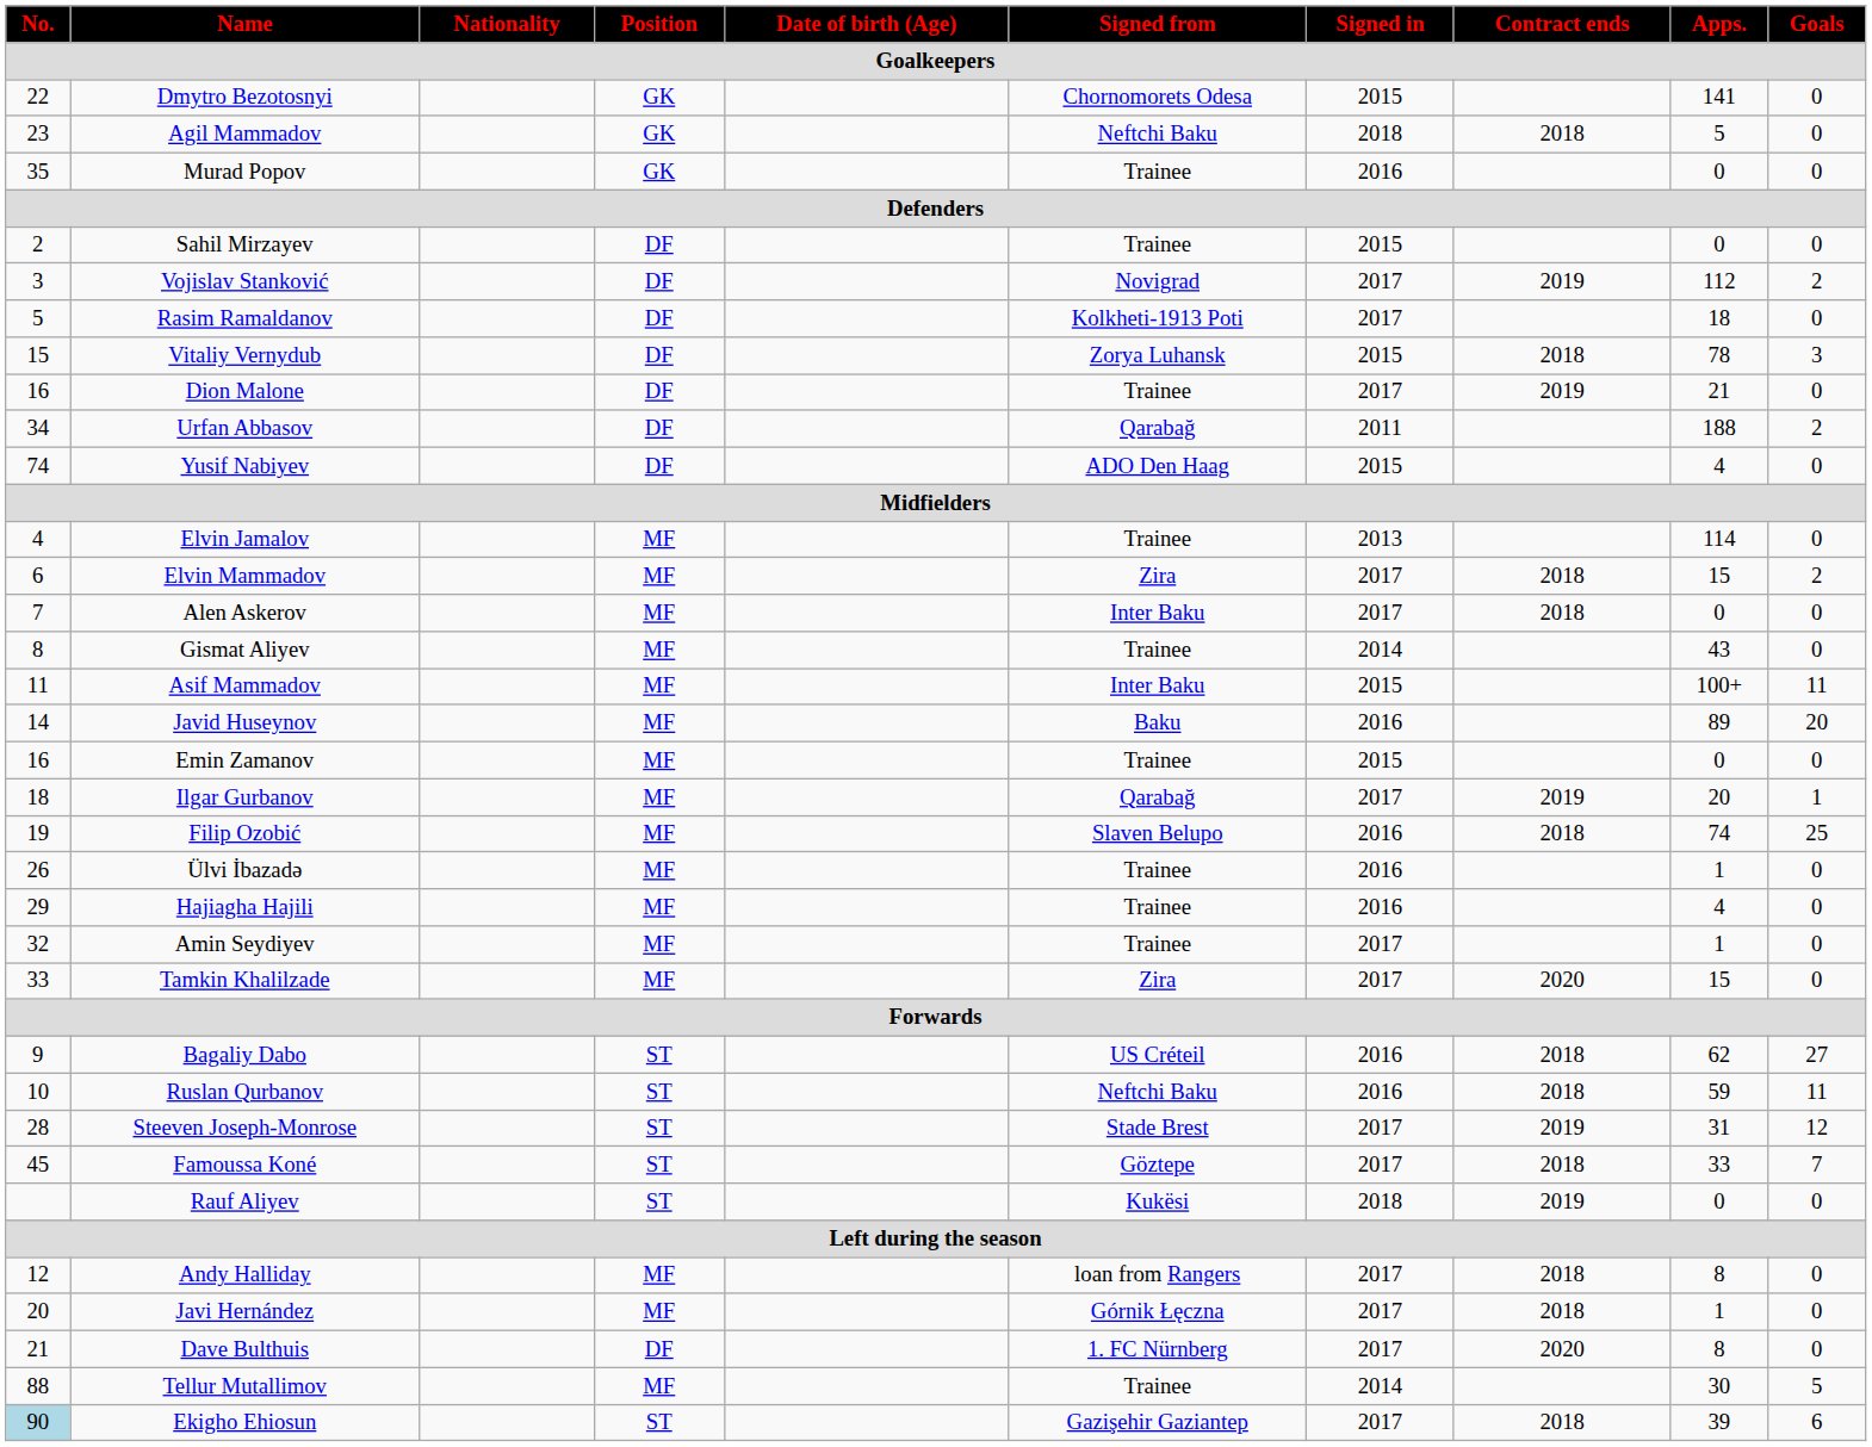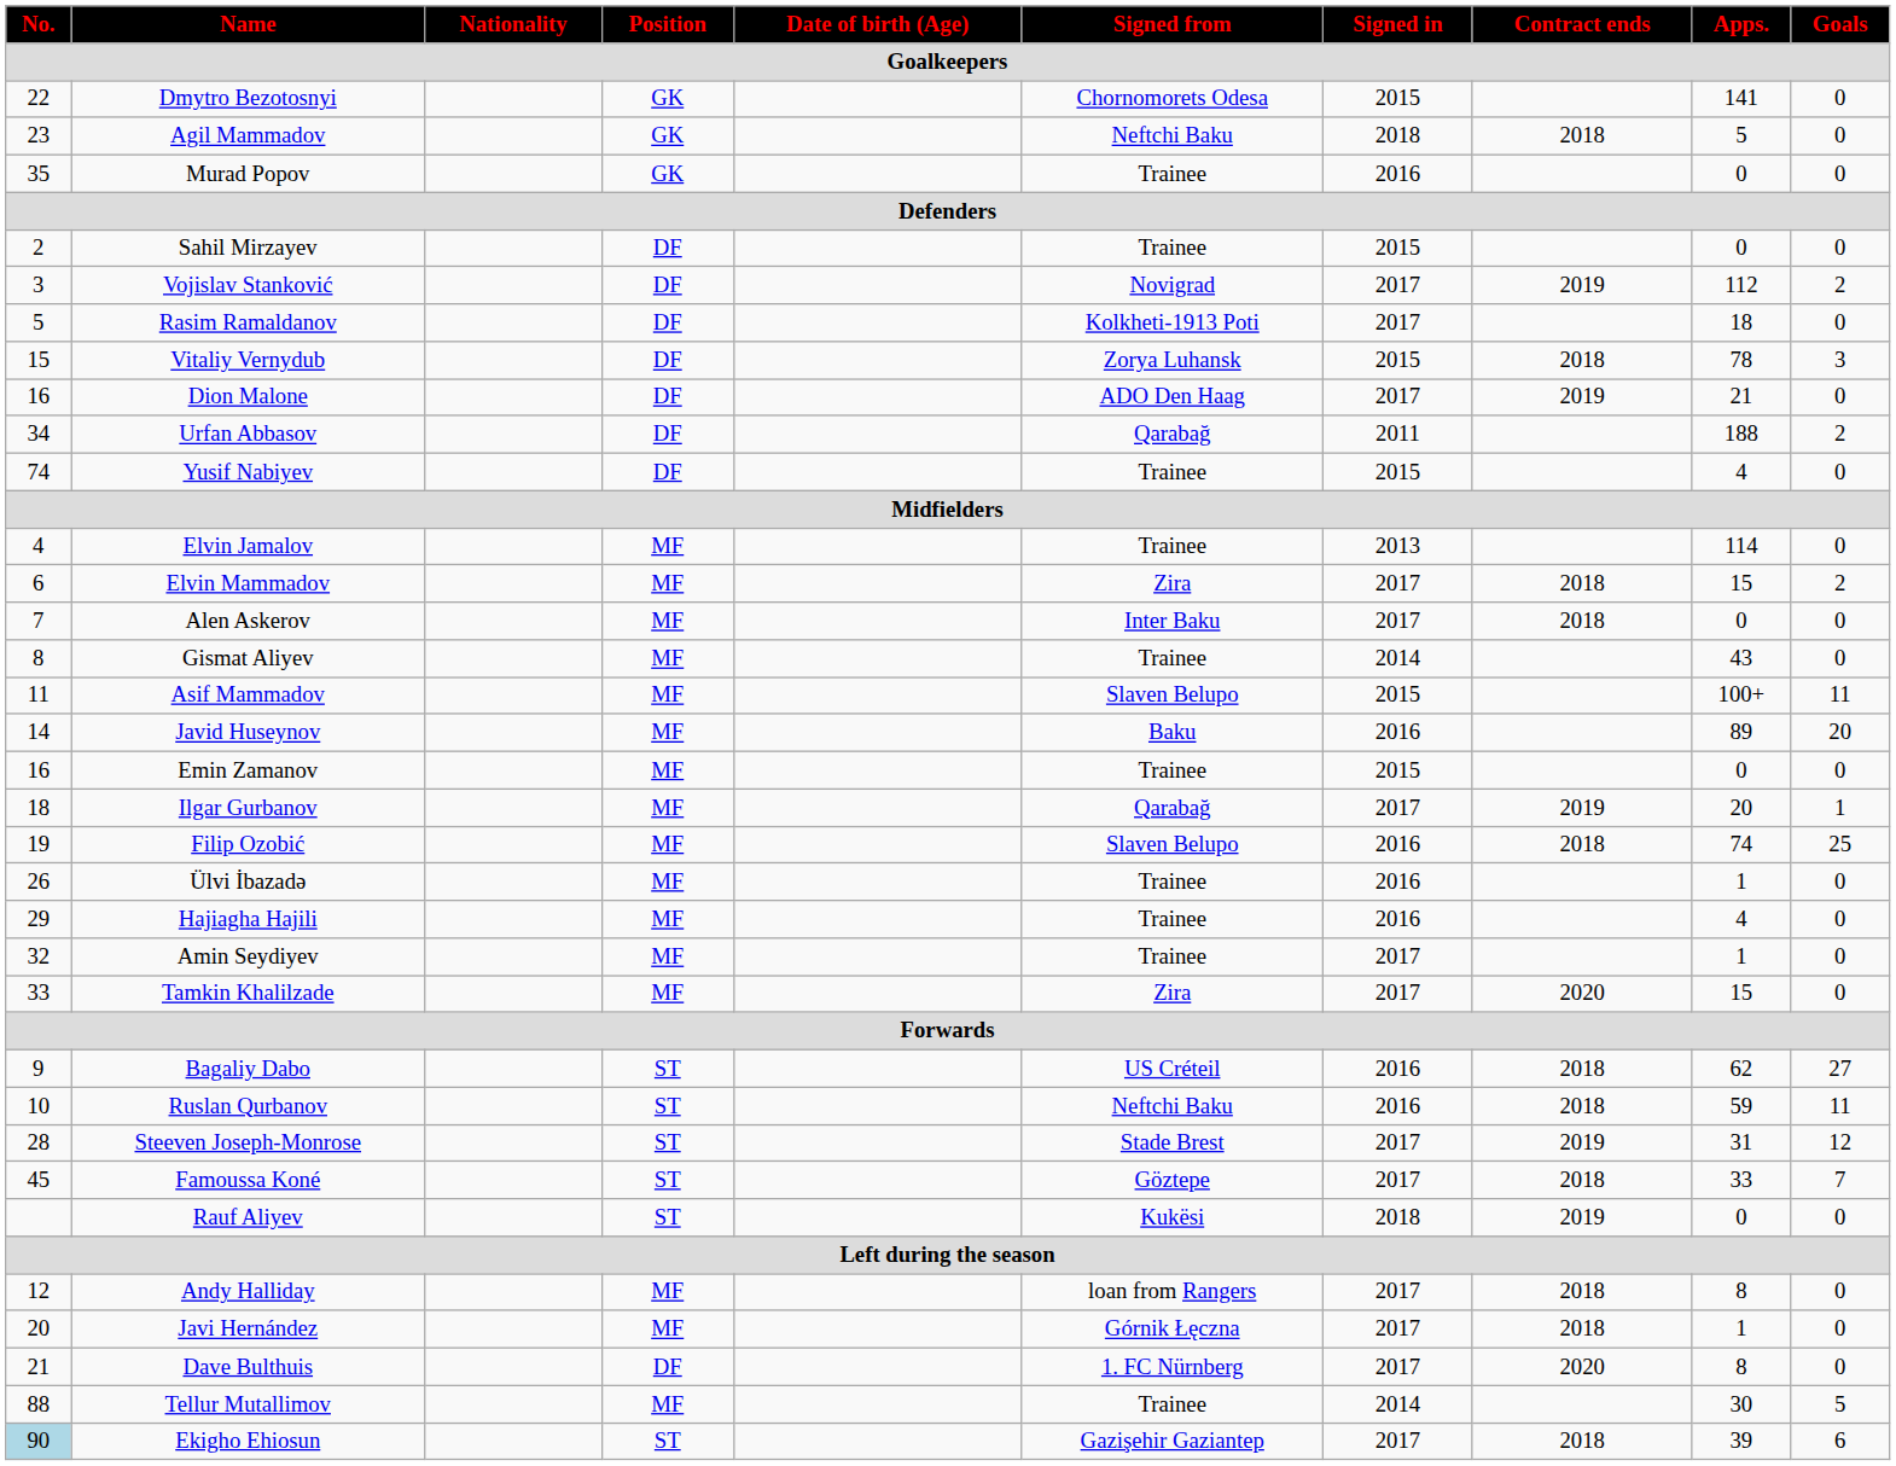 <table class="wikitable"  style="text-align:center; font-size:90%; width:95%;">
 <tr>
 <th style="background:#000000; color:#FF0000; text-align:center;">No.</th>
 <th style="background:#000000; color:#FF0000; text-align:center;">Name</th>
 <th style="background:#000000; color:#FF0000; text-align:center;">Nationality</th>
 <th style="background:#000000; color:#FF0000; text-align:center;">Position</th>
 <th style="background:#000000; color:#FF0000; text-align:center;">Date of birth (Age)</th>
 <th style="background:#000000; color:#FF0000; text-align:center;">Signed from</th>
 <th style="background:#000000; color:#FF0000; text-align:center;">Signed in</th>
 <th style="background:#000000; color:#FF0000; text-align:center;">Contract ends</th>
 <th style="background:#000000; color:#FF0000; text-align:center;">Apps.</th>
 <th style="background:#000000; color:#FF0000; text-align:center;">Goals</th>
 </tr>
 <tr>
 <th colspan="11"  style="background:#dcdcdc; text-align:center;">Goalkeepers</th>
 </tr>
 <tr>
 <td>22</td>
 <td><a href='#'>Dmytro Bezotosnyi</a></td>
 <td></td>
 <td><a href='#'>GK</a></td>
 <td></td>
 <td><a href='#'>Chornomorets Odesa</a></td>
 <td>2015</td>
 <td></td>
 <td>141</td>
 <td>0</td>
 </tr>
 <tr>
 <td>23</td>
 <td><a href='#'>Agil Mammadov</a></td>
 <td></td>
 <td><a href='#'>GK</a></td>
 <td></td>
 <td><a href='#'>Neftchi Baku</a></td>
 <td>2018</td>
 <td>2018</td>
 <td>5</td>
 <td>0</td>
 </tr>
 <tr>
 <td>35</td>
 <td>Murad Popov</td>
 <td></td>
 <td><a href='#'>GK</a></td>
 <td></td>
 <td>Trainee</td>
 <td>2016</td>
 <td></td>
 <td>0</td>
 <td>0</td>
 </tr>
 <tr>
 <th colspan="11"  style="background:#dcdcdc; text-align:center;">Defenders</th>
 </tr>
 <tr>
 <td>2</td>
 <td>Sahil Mirzayev</td>
 <td></td>
 <td><a href='#'>DF</a></td>
 <td></td>
 <td>Trainee</td>
 <td>2015</td>
 <td></td>
 <td>0</td>
 <td>0</td>
 </tr>
 <tr>
 <td>3</td>
 <td><a href='#'>Vojislav Stanković</a></td>
 <td></td>
 <td><a href='#'>DF</a></td>
 <td></td>
 <td><a href='#'>Novigrad</a></td>
 <td>2017</td>
 <td>2019</td>
 <td>112</td>
 <td>2</td>
 </tr>
 <tr>
 <td>5</td>
 <td><a href='#'>Rasim Ramaldanov</a></td>
 <td></td>
 <td><a href='#'>DF</a></td>
 <td></td>
 <td><a href='#'>Kolkheti-1913 Poti</a></td>
 <td>2017</td>
 <td></td>
 <td>18</td>
 <td>0</td>
 </tr>
 <tr>
 <td>15</td>
 <td><a href='#'>Vitaliy Vernydub</a></td>
 <td></td>
 <td><a href='#'>DF</a></td>
 <td></td>
 <td><a href='#'>Zorya Luhansk</a></td>
 <td>2015</td>
 <td>2018</td>
 <td>78</td>
 <td>3</td>
 </tr>
 <tr>
 <td>16</td>
 <td><a href='#'>Dion Malone</a></td>
 <td></td>
 <td><a href='#'>DF</a></td>
 <td></td>
-<td>Trainee</td>
+<td><a href='#'>ADO Den Haag</a></td>
 <td>2017</td>
 <td>2019</td>
 <td>21</td>
 <td>0</td>
 </tr>
 <tr>
 <td>34</td>
 <td><a href='#'>Urfan Abbasov</a></td>
 <td></td>
 <td><a href='#'>DF</a></td>
 <td></td>
 <td><a href='#'>Qarabağ</a></td>
 <td>2011</td>
 <td></td>
 <td>188</td>
 <td>2</td>
 </tr>
 <tr>
 <td>74</td>
 <td><a href='#'>Yusif Nabiyev</a></td>
 <td></td>
 <td><a href='#'>DF</a></td>
 <td></td>
-<td><a href='#'>ADO Den Haag</a></td>
+<td>Trainee</td>
 <td>2015</td>
 <td></td>
 <td>4</td>
 <td>0</td>
 </tr>
 <tr>
 <th colspan="11"  style="background:#dcdcdc; text-align:center;">Midfielders</th>
 </tr>
 <tr>
 <td>4</td>
 <td><a href='#'>Elvin Jamalov</a></td>
 <td></td>
 <td><a href='#'>MF</a></td>
 <td></td>
 <td>Trainee</td>
 <td>2013</td>
 <td></td>
 <td>114</td>
 <td>0</td>
 </tr>
 <tr>
 <td>6</td>
 <td><a href='#'>Elvin Mammadov</a></td>
 <td></td>
 <td><a href='#'>MF</a></td>
 <td></td>
 <td><a href='#'>Zira</a></td>
 <td>2017</td>
 <td>2018</td>
 <td>15</td>
 <td>2</td>
 </tr>
 <tr>
 <td>7</td>
 <td>Alen Askerov</td>
 <td></td>
 <td><a href='#'>MF</a></td>
 <td></td>
 <td><a href='#'>Inter Baku</a></td>
 <td>2017</td>
 <td>2018</td>
 <td>0</td>
 <td>0</td>
 </tr>
 <tr>
 <td>8</td>
 <td>Gismat Aliyev</td>
 <td></td>
 <td><a href='#'>MF</a></td>
 <td></td>
 <td>Trainee</td>
 <td>2014</td>
 <td></td>
 <td>43</td>
 <td>0</td>
 </tr>
 <tr>
 <td>11</td>
 <td><a href='#'>Asif Mammadov</a></td>
 <td></td>
 <td><a href='#'>MF</a></td>
 <td></td>
-<td><a href='#'>Inter Baku</a></td>
+<td><a href='#'>Slaven Belupo</a></td>
 <td>2015</td>
 <td></td>
 <td>100+</td>
 <td>11</td>
 </tr>
 <tr>
 <td>14</td>
 <td><a href='#'>Javid Huseynov</a></td>
 <td></td>
 <td><a href='#'>MF</a></td>
 <td></td>
 <td><a href='#'>Baku</a></td>
 <td>2016</td>
 <td></td>
 <td>89</td>
 <td>20</td>
 </tr>
 <tr>
 <td>16</td>
 <td>Emin Zamanov</td>
 <td></td>
 <td><a href='#'>MF</a></td>
 <td></td>
 <td>Trainee</td>
 <td>2015</td>
 <td></td>
 <td>0</td>
 <td>0</td>
 </tr>
 <tr>
 <td>18</td>
 <td><a href='#'>Ilgar Gurbanov</a></td>
 <td></td>
 <td><a href='#'>MF</a></td>
 <td></td>
 <td><a href='#'>Qarabağ</a></td>
 <td>2017</td>
 <td>2019</td>
 <td>20</td>
 <td>1</td>
 </tr>
 <tr>
 <td>19</td>
 <td><a href='#'>Filip Ozobić</a></td>
 <td></td>
 <td><a href='#'>MF</a></td>
 <td></td>
 <td><a href='#'>Slaven Belupo</a></td>
 <td>2016</td>
 <td>2018</td>
 <td>74</td>
 <td>25</td>
 </tr>
 <tr>
 <td>26</td>
 <td>Ülvi İbazadə</td>
 <td></td>
 <td><a href='#'>MF</a></td>
 <td></td>
 <td>Trainee</td>
 <td>2016</td>
 <td></td>
 <td>1</td>
 <td>0</td>
 </tr>
 <tr>
 <td>29</td>
 <td><a href='#'>Hajiagha Hajili</a></td>
 <td></td>
 <td><a href='#'>MF</a></td>
 <td></td>
 <td>Trainee</td>
 <td>2016</td>
 <td></td>
 <td>4</td>
 <td>0</td>
 </tr>
 <tr>
 <td>32</td>
 <td>Amin Seydiyev</td>
 <td></td>
 <td><a href='#'>MF</a></td>
 <td></td>
 <td>Trainee</td>
 <td>2017</td>
 <td></td>
 <td>1</td>
 <td>0</td>
 </tr>
 <tr>
 <td>33</td>
 <td><a href='#'>Tamkin Khalilzade</a></td>
 <td></td>
 <td><a href='#'>MF</a></td>
 <td></td>
 <td><a href='#'>Zira</a></td>
 <td>2017</td>
 <td>2020</td>
 <td>15</td>
 <td>0<br> </td>
 </tr>
 <tr>
 <th colspan="11"  style="background:#dcdcdc; text-align:center;">Forwards</th>
 </tr>
 <tr>
 <td>9</td>
 <td><a href='#'>Bagaliy Dabo</a></td>
 <td></td>
 <td><a href='#'>ST</a></td>
 <td></td>
 <td><a href='#'>US Créteil</a></td>
 <td>2016</td>
 <td>2018</td>
 <td>62</td>
 <td>27</td>
 </tr>
 <tr>
 <td>10</td>
 <td><a href='#'>Ruslan Qurbanov</a></td>
 <td></td>
 <td><a href='#'>ST</a></td>
 <td></td>
 <td><a href='#'>Neftchi Baku</a></td>
 <td>2016</td>
 <td>2018</td>
 <td>59</td>
 <td>11<br></td>
 </tr>
 <tr>
 <td>28</td>
 <td><a href='#'>Steeven Joseph-Monrose</a></td>
 <td></td>
 <td><a href='#'>ST</a></td>
 <td></td>
 <td><a href='#'>Stade Brest</a></td>
 <td>2017</td>
 <td>2019</td>
 <td>31</td>
 <td>12</td>
 </tr>
 <tr>
 <td>45</td>
 <td><a href='#'>Famoussa Koné</a></td>
 <td></td>
 <td><a href='#'>ST</a></td>
 <td></td>
 <td><a href='#'>Göztepe</a></td>
 <td>2017</td>
 <td>2018</td>
 <td>33</td>
 <td>7<br> </td>
 </tr>
 <tr>
 <td></td>
 <td><a href='#'>Rauf Aliyev</a></td>
 <td></td>
 <td><a href='#'>ST</a></td>
 <td></td>
 <td><a href='#'>Kukësi</a></td>
 <td>2018</td>
 <td>2019</td>
 <td>0</td>
 <td>0</td>
 </tr>
 <tr>
 <th colspan="11"  style="background:#dcdcdc; text-align:center;">Left during the season</th>
 </tr>
 <tr>
 <td>12</td>
 <td><a href='#'>Andy Halliday</a></td>
 <td></td>
 <td><a href='#'>MF</a></td>
 <td></td>
 <td>loan from <a href='#'>Rangers</a></td>
 <td>2017</td>
 <td>2018</td>
 <td>8</td>
 <td>0</td>
 </tr>
 <tr>
 <td>20</td>
 <td><a href='#'>Javi Hernández</a></td>
 <td></td>
 <td><a href='#'>MF</a></td>
 <td></td>
 <td><a href='#'>Górnik Łęczna</a></td>
 <td>2017</td>
 <td>2018</td>
 <td>1</td>
 <td>0</td>
 </tr>
 <tr>
 <td>21</td>
 <td><a href='#'>Dave Bulthuis</a></td>
 <td></td>
 <td><a href='#'>DF</a></td>
 <td></td>
 <td><a href='#'>1. FC Nürnberg</a></td>
 <td>2017</td>
 <td>2020</td>
 <td>8</td>
 <td>0</td>
 </tr>
 <tr>
 <td>88</td>
 <td><a href='#'>Tellur Mutallimov</a></td>
 <td></td>
 <td><a href='#'>MF</a></td>
 <td></td>
 <td>Trainee</td>
 <td>2014</td>
 <td></td>
 <td>30</td>
 <td>5</td>
 </tr>
 <tr>
 <td style="background: lightblue;">90</td>
 <td><a href='#'>Ekigho Ehiosun</a></td>
 <td></td>
 <td><a href='#'>ST</a></td>
 <td></td>
 <td><a href='#'>Gazişehir Gaziantep</a></td>
 <td>2017</td>
 <td>2018</td>
 <td>39</td>
 <td>6</td>
 </tr>
 </table>
